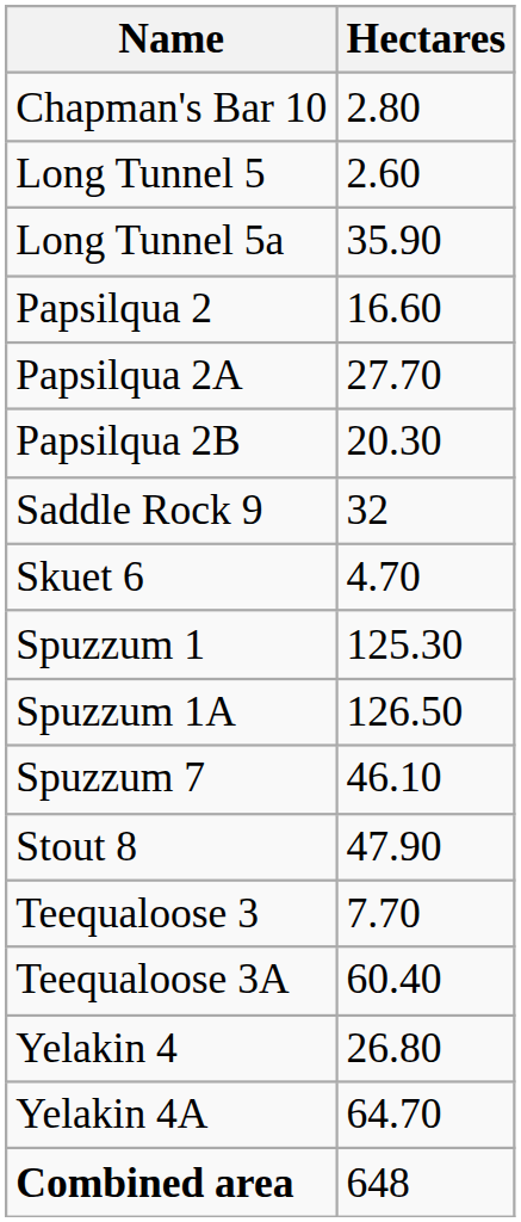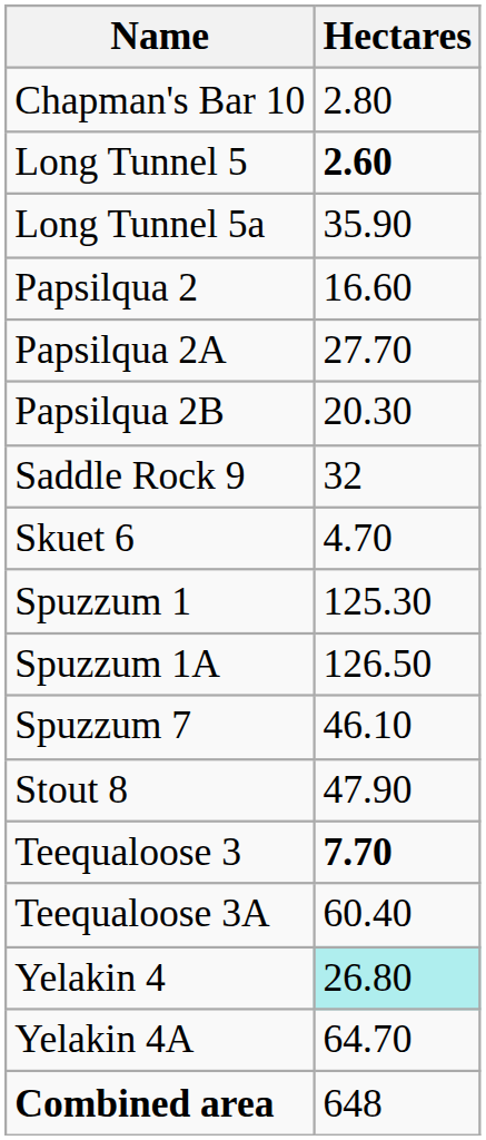 <table class="wikitable">
 <tr>
 <th>Name</th>
 <th>Hectares</th>
 </tr>
 <tr>
 <td>Chapman's Bar 10</td>
 <td>2.80</td>
 </tr>
 <tr>
 <td>Long Tunnel 5</td>
-<td>2.60</td>
+<td><strong>2.60</strong></td>
 </tr>
 <tr>
 <td>Long Tunnel 5a</td>
 <td>35.90</td>
 </tr>
 <tr>
 <td>Papsilqua 2</td>
 <td>16.60</td>
 </tr>
 <tr>
 <td>Papsilqua 2A</td>
 <td>27.70</td>
 </tr>
 <tr>
 <td>Papsilqua 2B</td>
 <td>20.30</td>
 </tr>
 <tr>
 <td>Saddle Rock 9</td>
 <td>32</td>
 </tr>
 <tr>
 <td>Skuet 6</td>
 <td>4.70</td>
 </tr>
 <tr>
 <td>Spuzzum 1</td>
 <td>125.30</td>
 </tr>
 <tr>
 <td>Spuzzum 1A</td>
 <td>126.50</td>
 </tr>
 <tr>
 <td>Spuzzum 7</td>
 <td>46.10</td>
 </tr>
 <tr>
 <td>Stout 8</td>
 <td>47.90</td>
 </tr>
 <tr>
 <td>Teequaloose 3</td>
-<td>7.70</td>
+<td><strong>7.70</strong></td>
 </tr>
 <tr>
 <td>Teequaloose 3A</td>
 <td>60.40</td>
 </tr>
 <tr>
 <td>Yelakin 4</td>
-<td>26.80</td>
+<td style="background: paleturquoise;">26.80</td>
 </tr>
 <tr>
 <td>Yelakin 4A</td>
 <td>64.70</td>
 </tr>
 <tr>
 <td><strong>Combined area</strong></td>
 <td>648</td>
 </tr>
 </table>
